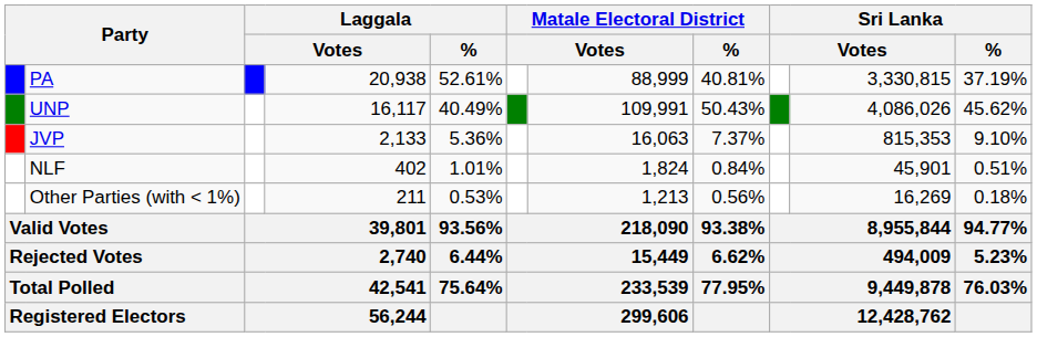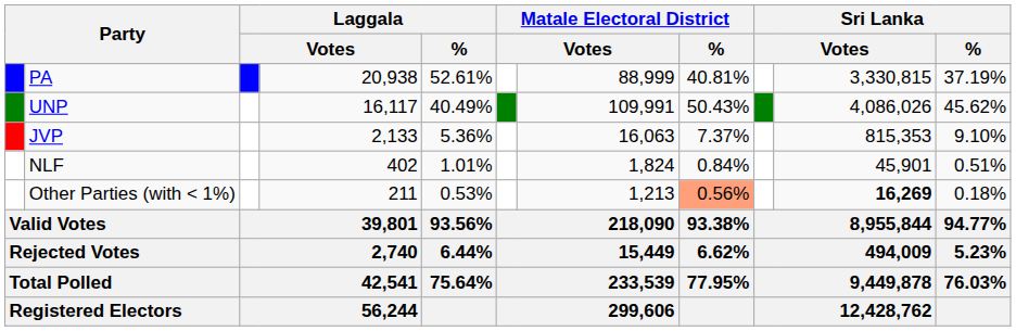 <table class="wikitable">
 <tr>
 <th colspan="2" width="144px"rowspan="2">Party</th>
 <th colspan="3" width="216px">Laggala</th>
 <th colspan="3" width="216px"><a href='#'>Matale Electoral District</a></th>
 <th colspan="3" width="216px">Sri Lanka</th>
 </tr>
 <tr>
 <th colspan="2" width="144px">Votes</th>
 <th>%</th>
 <th colspan="2" width="144px">Votes</th>
 <th>%</th>
 <th colspan="2" width="144px">Votes</th>
 <th>%</th>
 </tr>
 <tr>
 <td style="background-color:blue;" width="10px"></td>
 <td style="text-align:left;"><a href='#'>PA</a></td>
 <td style="background-color:blue;" width="10px"></td>
 <td style="text-align:right;">20,938</td>
 <td style="text-align:right;">52.61%</td>
 <td style="background-color:white;" width="10px"></td>
 <td style="text-align:right;">88,999</td>
 <td style="text-align:right;">40.81%</td>
 <td style="background-color:white;" width="10px"></td>
 <td style="text-align:right;">3,330,815</td>
 <td style="text-align:right;">37.19%</td>
 </tr>
 <tr>
 <td style="background-color:green;" width="10px"></td>
 <td style="text-align:left;"><a href='#'>UNP</a></td>
 <td style="background-color:white;" width="10px"></td>
 <td style="text-align:right;">16,117</td>
 <td style="text-align:right;">40.49%</td>
 <td style="background-color:green;" width="10px"></td>
 <td style="text-align:right;">109,991</td>
 <td style="text-align:right;">50.43%</td>
 <td style="background-color:green;" width="10px"></td>
 <td style="text-align:right;">4,086,026</td>
 <td style="text-align:right;">45.62%</td>
 </tr>
 <tr>
 <td style="background-color:red;" width="10px"></td>
 <td style="text-align:left;"><a href='#'>JVP</a></td>
 <td style="background-color:white;" width="10px"></td>
 <td style="text-align:right;">2,133</td>
 <td style="text-align:right;">5.36%</td>
 <td style="background-color:white;" width="10px"></td>
 <td style="text-align:right;">16,063</td>
 <td style="text-align:right;">7.37%</td>
 <td style="background-color:white;" width="10px"></td>
 <td style="text-align:right;">815,353</td>
 <td style="text-align:right;">9.10%</td>
 </tr>
 <tr>
 <td style="background-color:white;" width="10px"></td>
 <td style="text-align:left;">NLF</td>
 <td style="background-color:white;" width="10px"></td>
 <td style="text-align:right;">402</td>
 <td style="text-align:right;">1.01%</td>
 <td style="background-color:white;" width="10px"></td>
 <td style="text-align:right;">1,824</td>
 <td style="text-align:right;">0.84%</td>
 <td style="background-color:white;" width="10px"></td>
 <td style="text-align:right;">45,901</td>
 <td style="text-align:right;">0.51%</td>
 </tr>
 <tr>
 <td style="background-color:white;" width="10px"></td>
 <td style="text-align:left;">Other Parties (with < 1%)</td>
 <td style="background-color:white;" width="10px"></td>
 <td style="text-align:right;">211</td>
 <td style="text-align:right;">0.53%</td>
 <td style="background-color:white;" width="10px"></td>
 <td style="text-align:right;">1,213</td>
-<td style="text-align:right;">0.56%</td>
+<td style="background: lightsalmon; text-align:right;">0.56%</td>
 <td style="background-color:white;" width="10px"></td>
-<td style="text-align:right;">16,269</td>
+<td style="text-align:right;"><strong>16,269</strong></td>
 <td style="text-align:right;">0.18%</td>
 </tr>
 <tr>
 <th colspan="2" width="144px"style="text-align:left;">Valid Votes</th>
 <th style="text-align:right;"colspan="2" width="144px">39,801</th>
 <th style="text-align:right;">93.56%</th>
 <th style="text-align:right;"colspan="2" width="144px">218,090</th>
 <th style="text-align:right;">93.38%</th>
 <th style="text-align:right;"colspan="2" width="144px">8,955,844</th>
 <th style="text-align:right;">94.77%</th>
 </tr>
 <tr>
 <th colspan="2" width="144px"style="text-align:left;">Rejected Votes</th>
 <th style="text-align:right;"colspan="2" width="144px">2,740</th>
 <th style="text-align:right;">6.44%</th>
 <th style="text-align:right;"colspan="2" width="144px">15,449</th>
 <th style="text-align:right;">6.62%</th>
 <th style="text-align:right;"colspan="2" width="144px">494,009</th>
 <th style="text-align:right;">5.23%</th>
 </tr>
 <tr>
 <th colspan="2" width="144px"style="text-align:left;">Total Polled</th>
 <th style="text-align:right;"colspan="2" width="144px">42,541</th>
 <th style="text-align:right;">75.64%</th>
 <th style="text-align:right;"colspan="2" width="144px">233,539</th>
 <th style="text-align:right;">77.95%</th>
 <th style="text-align:right;"colspan="2" width="144px">9,449,878</th>
 <th style="text-align:right;">76.03%</th>
 </tr>
 <tr>
 <th colspan="2" width="144px"style="text-align:left;">Registered Electors</th>
 <th style="text-align:right;"colspan="2" width="144px">56,244</th>
 <th></th>
 <th style="text-align:right;"colspan="2" width="144px">299,606</th>
 <th></th>
 <th style="text-align:right;"colspan="2" width="144px">12,428,762</th>
 <th></th>
 </tr>
 </table>
